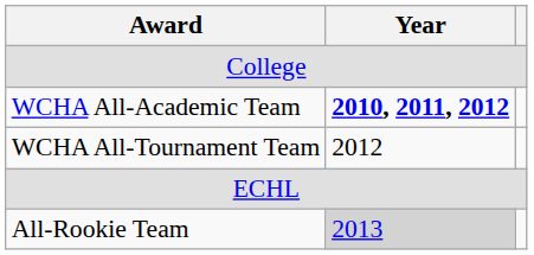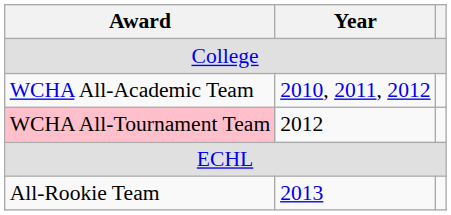 <table class="wikitable">
 <tr>
 <th>Award</th>
 <th>Year</th>
 <th></th>
 </tr>
 <tr ALIGN="center" bgcolor="#e0e0e0">
 <td colspan="3"><a href='#'>College</a></td>
 </tr>
 <tr>
 <td><a href='#'>WCHA</a> All-Academic Team</td>
-<td><strong><a href='#'>2010</a>, <a href='#'>2011</a>, <a href='#'>2012</a></strong></td>
+<td><a href='#'>2010</a>, <a href='#'>2011</a>, <a href='#'>2012</a></td>
 <td></td>
 </tr>
 <tr>
-<td>WCHA All-Tournament Team</td>
+<td style="background: pink;">WCHA All-Tournament Team</td>
 <td>2012</td>
 <td></td>
 </tr>
 <tr ALIGN="center" bgcolor="#e0e0e0">
 <td colspan="3"><a href='#'>ECHL</a></td>
 </tr>
 <tr>
 <td>All-Rookie Team</td>
-<td style="background: lightgrey;"><a href='#'>2013</a></td>
+<td><a href='#'>2013</a></td>
 <td></td>
 </tr>
 </table>
